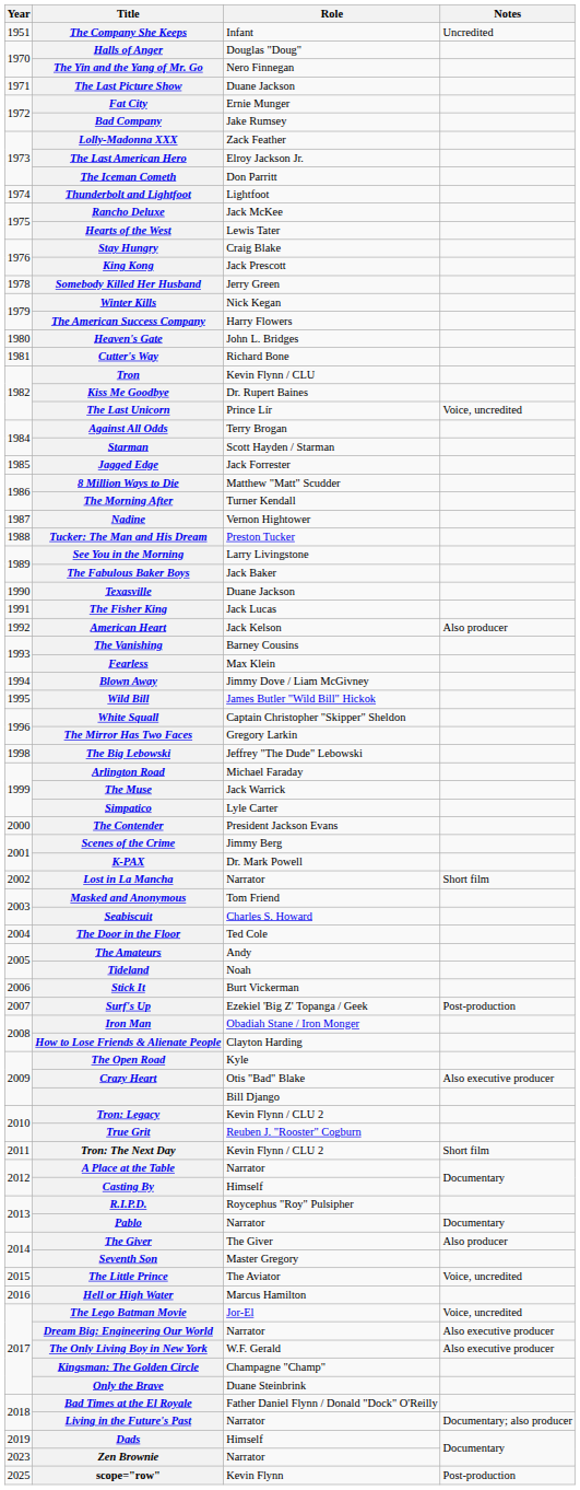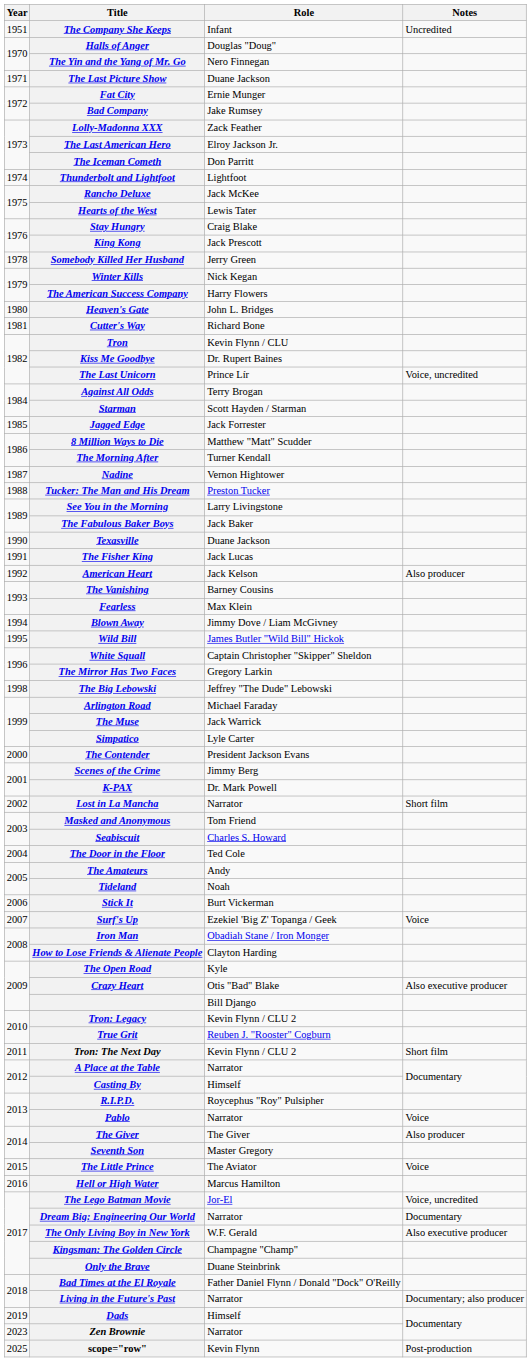 <table class="wikitable sortable plainrowheaders">
 <tr>
 <th scope="col">Year</th>
 <th scope="col">Title</th>
 <th scope="col">Role</th>
 <th scope="col" class="unsortable">Notes</th>
 </tr>
 <tr>
 <td>1951</td>
 <th scope="row"><em><a href='#'>The Company She Keeps</a></em></th>
 <td>Infant</td>
 <td>Uncredited</td>
 </tr>
 <tr>
 <td rowspan="2">1970</td>
 <th scope="row"><em><a href='#'>Halls of Anger</a></em></th>
 <td>Douglas "Doug"</td>
 <td></td>
 </tr>
 <tr>
 <th scope="row"><em><a href='#'>The Yin and the Yang of Mr. Go</a></em></th>
 <td>Nero Finnegan</td>
 <td></td>
 </tr>
 <tr>
 <td>1971</td>
 <th scope="row"><em><a href='#'>The Last Picture Show</a></em></th>
 <td>Duane Jackson</td>
 <td></td>
 </tr>
 <tr>
 <td rowspan="2">1972</td>
 <th scope="row"><em><a href='#'>Fat City</a></em></th>
 <td>Ernie Munger</td>
 <td></td>
 </tr>
 <tr>
 <th scope="row"><em><a href='#'>Bad Company</a></em></th>
 <td>Jake Rumsey</td>
 <td></td>
 </tr>
 <tr>
 <td rowspan="3">1973</td>
 <th scope="row"><em><a href='#'>Lolly-Madonna XXX</a></em></th>
 <td>Zack Feather</td>
 <td></td>
 </tr>
 <tr>
 <th scope="row"><em><a href='#'>The Last American Hero</a></em></th>
 <td>Elroy Jackson Jr.</td>
 <td></td>
 </tr>
 <tr>
 <th scope="row"><em><a href='#'>The Iceman Cometh</a></em></th>
 <td>Don Parritt</td>
 <td></td>
 </tr>
 <tr>
 <td>1974</td>
 <th scope="row"><em><a href='#'>Thunderbolt and Lightfoot</a></em></th>
 <td>Lightfoot</td>
 <td></td>
 </tr>
 <tr>
 <td rowspan="2">1975</td>
 <th scope="row"><em><a href='#'>Rancho Deluxe</a></em></th>
 <td>Jack McKee</td>
 <td></td>
 </tr>
 <tr>
 <th scope="row"><em><a href='#'>Hearts of the West</a></em></th>
 <td>Lewis Tater</td>
 <td></td>
 </tr>
 <tr>
 <td rowspan="2">1976</td>
 <th scope="row"><em><a href='#'>Stay Hungry</a></em></th>
 <td>Craig Blake</td>
 <td></td>
 </tr>
 <tr>
 <th scope="row"><em><a href='#'>King Kong</a></em></th>
 <td>Jack Prescott</td>
 <td></td>
 </tr>
 <tr>
 <td>1978</td>
 <th scope="row"><em><a href='#'>Somebody Killed Her Husband</a></em></th>
 <td>Jerry Green</td>
 <td></td>
 </tr>
 <tr>
 <td rowspan="2">1979</td>
 <th scope="row"><em><a href='#'>Winter Kills</a></em></th>
 <td>Nick Kegan</td>
 <td></td>
 </tr>
 <tr>
 <th scope="row"><em><a href='#'>The American Success Company</a></em></th>
 <td>Harry Flowers</td>
 <td></td>
 </tr>
 <tr>
 <td>1980</td>
 <th scope="row"><em><a href='#'>Heaven's Gate</a></em></th>
 <td>John L. Bridges</td>
 <td></td>
 </tr>
 <tr>
 <td>1981</td>
 <th scope="row"><em><a href='#'>Cutter's Way</a></em></th>
 <td>Richard Bone</td>
 <td></td>
 </tr>
 <tr>
 <td rowspan="3">1982</td>
 <th scope="row"><em><a href='#'>Tron</a></em></th>
 <td>Kevin Flynn / CLU</td>
 <td></td>
 </tr>
 <tr>
 <th scope="row"><em><a href='#'>Kiss Me Goodbye</a></em></th>
 <td>Dr. Rupert Baines</td>
 <td></td>
 </tr>
 <tr>
 <th scope="row"><em><a href='#'>The Last Unicorn</a></em></th>
 <td>Prince Lír</td>
 <td>Voice, uncredited</td>
 </tr>
 <tr>
 <td rowspan="2">1984</td>
 <th scope="row"><em><a href='#'>Against All Odds</a></em></th>
 <td>Terry Brogan</td>
 <td></td>
 </tr>
 <tr>
 <th scope="row"><em><a href='#'>Starman</a></em></th>
 <td>Scott Hayden / Starman</td>
 <td></td>
 </tr>
 <tr>
 <td>1985</td>
 <th scope="row"><em><a href='#'>Jagged Edge</a></em></th>
 <td>Jack Forrester</td>
 <td></td>
 </tr>
 <tr>
 <td rowspan="2">1986</td>
 <th scope="row"><em><a href='#'>8 Million Ways to Die</a></em></th>
 <td>Matthew "Matt" Scudder</td>
 <td></td>
 </tr>
 <tr>
 <th scope="row"><em><a href='#'>The Morning After</a></em></th>
 <td>Turner Kendall</td>
 <td></td>
 </tr>
 <tr>
 <td>1987</td>
 <th scope="row"><em><a href='#'>Nadine</a></em></th>
 <td>Vernon Hightower</td>
 <td></td>
 </tr>
 <tr>
 <td>1988</td>
 <th scope="row"><em><a href='#'>Tucker: The Man and His Dream</a></em></th>
 <td><a href='#'>Preston Tucker</a></td>
 <td></td>
 </tr>
 <tr>
 <td rowspan="2">1989</td>
 <th scope="row"><em><a href='#'>See You in the Morning</a></em></th>
 <td>Larry Livingstone</td>
 <td></td>
 </tr>
 <tr>
 <th scope="row"><em><a href='#'>The Fabulous Baker Boys</a></em></th>
 <td>Jack Baker</td>
 <td></td>
 </tr>
 <tr>
 <td>1990</td>
 <th scope="row"><em><a href='#'>Texasville</a></em></th>
 <td>Duane Jackson</td>
 <td></td>
 </tr>
 <tr>
 <td>1991</td>
 <th scope="row"><em><a href='#'>The Fisher King</a></em></th>
 <td>Jack Lucas</td>
 <td></td>
 </tr>
 <tr>
 <td>1992</td>
 <th scope="row"><em><a href='#'>American Heart</a></em></th>
 <td>Jack Kelson</td>
 <td>Also producer</td>
 </tr>
 <tr>
 <td rowspan="2">1993</td>
 <th scope="row"><em><a href='#'>The Vanishing</a></em></th>
 <td>Barney Cousins</td>
 <td></td>
 </tr>
 <tr>
 <th scope="row"><em><a href='#'>Fearless</a></em></th>
 <td>Max Klein</td>
 <td></td>
 </tr>
 <tr>
 <td>1994</td>
 <th scope="row"><em><a href='#'>Blown Away</a></em></th>
 <td>Jimmy Dove / Liam McGivney</td>
 <td></td>
 </tr>
 <tr>
 <td>1995</td>
 <th scope="row"><em><a href='#'>Wild Bill</a></em></th>
 <td><a href='#'>James Butler "Wild Bill" Hickok</a></td>
 <td></td>
 </tr>
 <tr>
 <td rowspan="2">1996</td>
 <th scope="row"><em><a href='#'>White Squall</a></em></th>
 <td>Captain Christopher "Skipper" Sheldon</td>
 <td></td>
 </tr>
 <tr>
 <th scope="row"><em><a href='#'>The Mirror Has Two Faces</a></em></th>
 <td>Gregory Larkin</td>
 <td></td>
 </tr>
 <tr>
 <td>1998</td>
 <th scope="row"><em><a href='#'>The Big Lebowski</a></em></th>
 <td>Jeffrey "The Dude" Lebowski</td>
 <td></td>
 </tr>
 <tr>
 <td rowspan="3">1999</td>
 <th scope="row"><em><a href='#'>Arlington Road</a></em></th>
 <td>Michael Faraday</td>
 <td></td>
 </tr>
 <tr>
 <th scope="row"><em><a href='#'>The Muse</a></em></th>
 <td>Jack Warrick</td>
 <td></td>
 </tr>
 <tr>
 <th scope="row"><em><a href='#'>Simpatico</a></em></th>
 <td>Lyle Carter</td>
 <td></td>
 </tr>
 <tr>
 <td>2000</td>
 <th scope="row"><em><a href='#'>The Contender</a></em></th>
 <td>President Jackson Evans</td>
 <td></td>
 </tr>
 <tr>
 <td rowspan="2">2001</td>
 <th scope="row"><em><a href='#'>Scenes of the Crime</a></em></th>
 <td>Jimmy Berg</td>
 <td></td>
 </tr>
 <tr>
 <th scope="row"><em><a href='#'>K-PAX</a></em></th>
 <td>Dr. Mark Powell</td>
 <td></td>
 </tr>
 <tr>
 <td>2002</td>
 <th scope="row"><em><a href='#'>Lost in La Mancha</a></em></th>
 <td>Narrator</td>
 <td>Short film</td>
 </tr>
 <tr>
 <td rowspan="2">2003</td>
 <th scope="row"><em><a href='#'>Masked and Anonymous</a></em></th>
 <td>Tom Friend</td>
 <td></td>
 </tr>
 <tr>
 <th scope="row"><em><a href='#'>Seabiscuit</a></em></th>
 <td><a href='#'>Charles S. Howard</a></td>
 <td></td>
 </tr>
 <tr>
 <td>2004</td>
 <th scope="row"><em><a href='#'>The Door in the Floor</a></em></th>
 <td>Ted Cole</td>
 <td></td>
 </tr>
 <tr>
 <td rowspan="2">2005</td>
 <th scope="row"><em><a href='#'>The Amateurs</a></em></th>
 <td>Andy</td>
 <td></td>
 </tr>
 <tr>
 <th scope="row"><em><a href='#'>Tideland</a></em></th>
 <td>Noah</td>
 <td></td>
 </tr>
 <tr>
 <td>2006</td>
 <th scope="row"><em><a href='#'>Stick It</a></em></th>
 <td>Burt Vickerman</td>
 <td></td>
 </tr>
 <tr>
 <td>2007</td>
 <th scope="row"><em><a href='#'>Surf's Up</a></em></th>
 <td>Ezekiel 'Big Z' Topanga / Geek</td>
-<td>Post-production</td>
+<td>Voice</td>
 </tr>
 <tr>
 <td rowspan="2">2008</td>
 <th scope="row"><em><a href='#'>Iron Man</a></em></th>
 <td><a href='#'>Obadiah Stane / Iron Monger</a></td>
 <td></td>
 </tr>
 <tr>
 <th scope="row"><em><a href='#'>How to Lose Friends & Alienate People</a></em></th>
 <td>Clayton Harding</td>
 <td></td>
 </tr>
 <tr>
 <td rowspan="3">2009</td>
 <th scope="row"><em><a href='#'>The Open Road</a></em></th>
 <td>Kyle</td>
 <td></td>
 </tr>
 <tr>
 <th scope="row"><em><a href='#'>Crazy Heart</a></em></th>
 <td>Otis "Bad" Blake</td>
 <td>Also executive producer</td>
 </tr>
 <tr>
 <th scope="row"><em></em></th>
 <td>Bill Django</td>
 <td></td>
 </tr>
 <tr>
 <td rowspan="2">2010</td>
 <th scope="row"><em><a href='#'>Tron: Legacy</a></em></th>
 <td>Kevin Flynn / CLU 2</td>
 <td></td>
 </tr>
 <tr>
 <th scope="row"><em><a href='#'>True Grit</a></em></th>
 <td><a href='#'>Reuben J. "Rooster" Cogburn</a></td>
 <td></td>
 </tr>
 <tr>
 <td>2011</td>
 <th scope="row"><em>Tron: The Next Day</em></th>
 <td>Kevin Flynn / CLU 2</td>
 <td>Short film</td>
 </tr>
 <tr>
 <td rowspan="2">2012</td>
 <th scope="row"><em><a href='#'>A Place at the Table</a></em></th>
 <td>Narrator</td>
 <td rowspan="2">Documentary</td>
 </tr>
 <tr>
 <th scope="row"><em><a href='#'>Casting By</a></em></th>
 <td>Himself</td>
 </tr>
 <tr>
 <td rowspan="2">2013</td>
 <th scope="row"><em><a href='#'>R.I.P.D.</a></em></th>
 <td>Roycephus "Roy" Pulsipher</td>
 <td></td>
 </tr>
 <tr>
 <th scope="row"><em><a href='#'>Pablo</a></em></th>
 <td>Narrator</td>
-<td>Documentary</td>
+<td>Voice</td>
 </tr>
 <tr>
 <td rowspan="2">2014</td>
 <th scope="row"><em><a href='#'>The Giver</a></em></th>
 <td>The Giver</td>
 <td>Also producer</td>
 </tr>
 <tr>
 <th scope="row"><em><a href='#'>Seventh Son</a></em></th>
 <td>Master Gregory</td>
 <td></td>
 </tr>
 <tr>
 <td>2015</td>
 <th scope="row"><em><a href='#'>The Little Prince</a></em></th>
 <td>The Aviator</td>
-<td>Voice, uncredited</td>
+<td>Voice</td>
 </tr>
 <tr>
 <td>2016</td>
 <th scope="row"><em><a href='#'>Hell or High Water</a></em></th>
 <td>Marcus Hamilton</td>
 <td></td>
 </tr>
 <tr>
 <td rowspan="5">2017</td>
 <th scope="row"><em><a href='#'>The Lego Batman Movie</a></em></th>
 <td><a href='#'>Jor-El</a></td>
 <td>Voice, uncredited</td>
 </tr>
 <tr>
 <th scope="row"><em><a href='#'>Dream Big: Engineering Our World</a></em></th>
 <td>Narrator</td>
-<td>Also executive producer</td>
+<td>Documentary</td>
 </tr>
 <tr>
 <th scope="row"><em><a href='#'>The Only Living Boy in New York</a></em></th>
 <td>W.F. Gerald</td>
 <td>Also executive producer</td>
 </tr>
 <tr>
 <th scope="row"><em><a href='#'>Kingsman: The Golden Circle</a></em></th>
 <td>Champagne "Champ"</td>
 <td></td>
 </tr>
 <tr>
 <th scope="row"><em><a href='#'>Only the Brave</a></em></th>
 <td>Duane Steinbrink</td>
 <td></td>
 </tr>
 <tr>
 <td rowspan="2">2018</td>
 <th scope="row"><em><a href='#'>Bad Times at the El Royale</a></em></th>
 <td>Father Daniel Flynn / Donald "Dock" O'Reilly</td>
 <td></td>
 </tr>
 <tr>
 <th scope="row"><em><a href='#'>Living in the Future's Past</a></em></th>
 <td>Narrator</td>
 <td>Documentary; also producer</td>
 </tr>
 <tr>
 <td>2019</td>
 <th scope="row"><em><a href='#'>Dads</a></em></th>
 <td>Himself</td>
 <td rowspan="2">Documentary</td>
 </tr>
 <tr>
 <td>2023</td>
 <th scope="row"><em>Zen Brownie</em></th>
 <td>Narrator</td>
 </tr>
 <tr>
 <td>2025</td>
 <th>scope="row" </th>
 <td>Kevin Flynn</td>
 <td>Post-production</td>
 </tr>
 </table>
